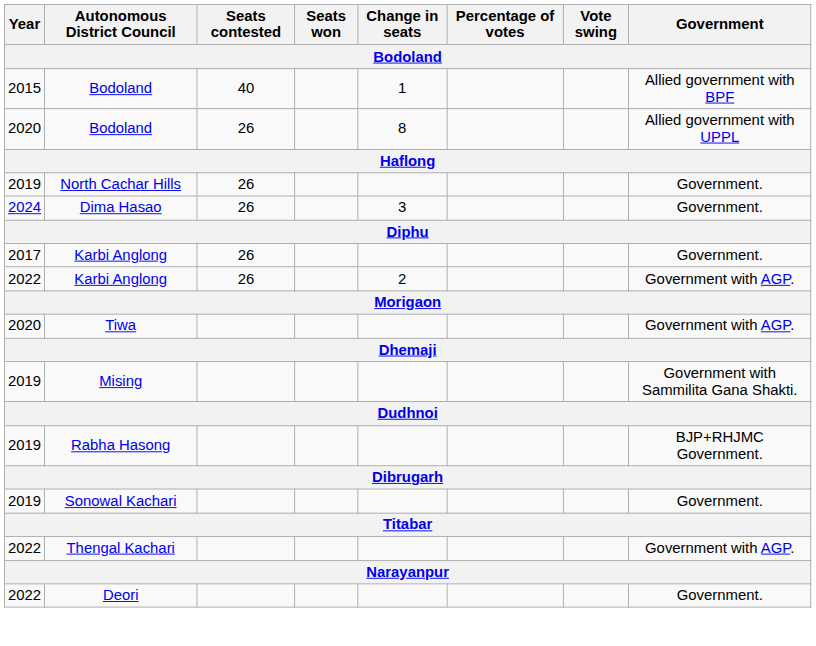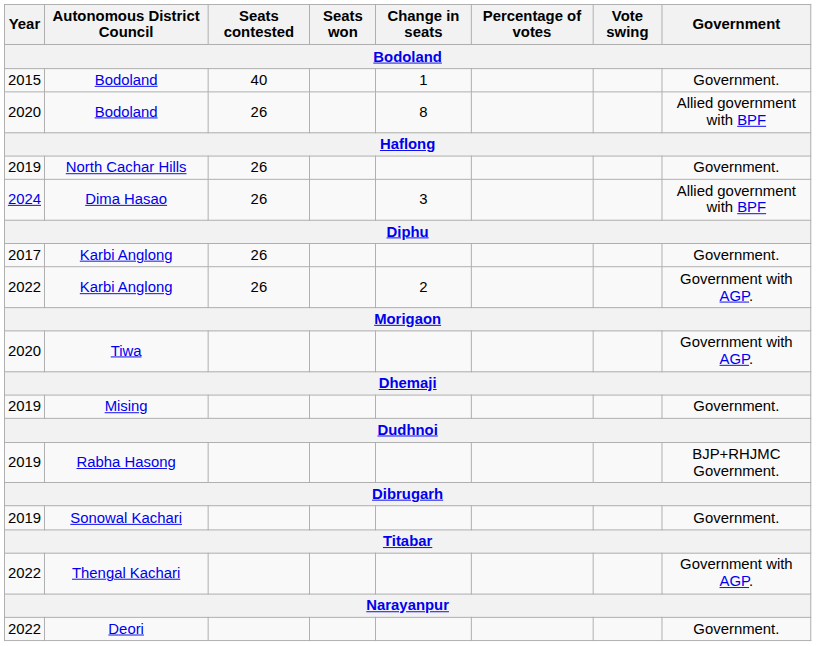 <table class="wikitable" style="text-align:center">
 <tr>
 <th Style="background-color:">Year</th>
 <th Style="background-color:">Autonomous District Council</th>
 <th Style="background-color:">Seats contested</th>
 <th Style="background-color:">Seats won</th>
 <th Style="background-color:">Change in seats</th>
 <th Style="background-color:">Percentage of votes</th>
 <th Style="background-color:">Vote swing</th>
 <th Style="background-color:">Government</th>
 </tr>
 <tr>
 <th colspan=8><a href='#'>Bodoland</a></th>
 </tr>
 <tr>
 <td>2015</td>
 <td><a href='#'>Bodoland</a></td>
 <td>40</td>
 <td></td>
 <td>1</td>
 <td></td>
 <td></td>
-<td>Allied government with <a href='#'>BPF</a></td>
+<td>Government.</td>
 </tr>
 <tr>
 <td>2020</td>
 <td><a href='#'>Bodoland</a></td>
 <td>26</td>
 <td></td>
 <td> 8</td>
 <td></td>
 <td></td>
-<td>Allied government with <a href='#'>UPPL</a></td>
+<td>Allied government with <a href='#'>BPF</a></td>
 </tr>
 <tr>
 <th colspan=8><a href='#'>Haflong</a></th>
 </tr>
 <tr>
 <td>2019</td>
 <td><a href='#'>North Cachar Hills</a></td>
 <td>26</td>
 <td></td>
 <td></td>
 <td></td>
 <td></td>
 <td>Government.</td>
 </tr>
 <tr>
 <td><a href='#'>2024</a></td>
 <td><a href='#'>Dima Hasao</a></td>
 <td>26</td>
 <td></td>
 <td> 3</td>
 <td></td>
 <td></td>
-<td>Government.</td>
+<td>Allied government with <a href='#'>BPF</a></td>
 </tr>
 <tr>
 <th colspan=8><a href='#'>Diphu</a></th>
 </tr>
 <tr>
 <td>2017</td>
 <td><a href='#'>Karbi Anglong</a></td>
 <td>26</td>
 <td></td>
 <td></td>
 <td></td>
 <td></td>
 <td>Government.</td>
 </tr>
 <tr>
 <td>2022</td>
 <td><a href='#'>Karbi Anglong</a></td>
 <td>26</td>
 <td></td>
 <td> 2</td>
 <td></td>
 <td></td>
 <td>Government with <a href='#'>AGP</a>.</td>
 </tr>
 <tr>
 <th colspan=8><a href='#'>Morigaon</a></th>
 </tr>
 <tr>
 <td>2020</td>
 <td><a href='#'>Tiwa</a></td>
 <td></td>
 <td></td>
 <td></td>
 <td></td>
 <td></td>
 <td>Government with <a href='#'>AGP</a>.</td>
 </tr>
 <tr>
 <th colspan=8><a href='#'>Dhemaji</a></th>
 </tr>
 <tr>
 <td>2019</td>
 <td><a href='#'>Mising</a></td>
 <td></td>
 <td></td>
 <td></td>
 <td></td>
 <td></td>
-<td>Government with Sammilita Gana Shakti.</td>
+<td>Government.</td>
 </tr>
 <tr>
 <th colspan=8><a href='#'>Dudhnoi</a></th>
 </tr>
 <tr>
 <td>2019</td>
 <td><a href='#'>Rabha Hasong</a></td>
 <td></td>
 <td></td>
 <td></td>
 <td></td>
 <td></td>
 <td>BJP+RHJMC Government.</td>
 </tr>
 <tr>
 <th colspan=8><a href='#'>Dibrugarh</a></th>
 </tr>
 <tr>
 <td>2019</td>
 <td><a href='#'>Sonowal Kachari</a></td>
 <td></td>
 <td></td>
 <td></td>
 <td></td>
 <td></td>
 <td>Government.</td>
 </tr>
 <tr>
 <th colspan=8><a href='#'>Titabar</a></th>
 </tr>
 <tr>
 <td>2022</td>
 <td><a href='#'>Thengal Kachari</a></td>
 <td></td>
 <td></td>
 <td></td>
 <td></td>
 <td></td>
 <td>Government with <a href='#'>AGP</a>.</td>
 </tr>
 <tr>
 <th colspan=8><a href='#'>Narayanpur</a></th>
 </tr>
 <tr>
 <td>2022</td>
 <td><a href='#'>Deori</a></td>
 <td></td>
 <td></td>
 <td></td>
 <td></td>
 <td></td>
 <td>Government.</td>
 </tr>
 </table>
